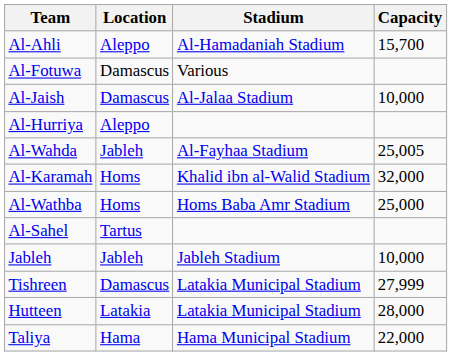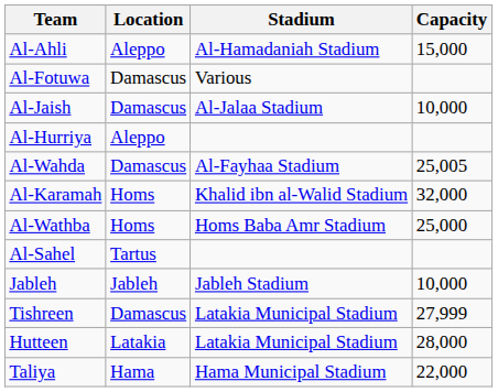 <table class="wikitable sortable" style="text-align:left;">
 <tr>
 <th>Team</th>
 <th>Location</th>
 <th>Stadium</th>
 <th>Capacity</th>
 </tr>
 <tr>
 <td><a href='#'>Al-Ahli</a></td>
 <td><a href='#'>Aleppo</a></td>
 <td><a href='#'>Al-Hamadaniah Stadium</a></td>
-<td>15,700</td>
+<td>15,000</td>
 </tr>
 <tr>
 <td><a href='#'>Al-Fotuwa</a></td>
 <td>Damascus</td>
 <td>Various</td>
 <td></td>
 </tr>
 <tr>
 <td><a href='#'>Al-Jaish</a></td>
 <td><a href='#'>Damascus</a></td>
 <td><a href='#'>Al-Jalaa Stadium</a></td>
 <td>10,000</td>
 </tr>
 <tr>
 <td><a href='#'>Al-Hurriya</a></td>
 <td><a href='#'>Aleppo</a></td>
 <td></td>
 <td></td>
 </tr>
 <tr>
 <td><a href='#'>Al-Wahda</a></td>
-<td><a href='#'>Jableh</a></td>
+<td><a href='#'>Damascus</a></td>
 <td><a href='#'>Al-Fayhaa  Stadium</a></td>
 <td>25,005</td>
 </tr>
 <tr>
 <td><a href='#'>Al-Karamah</a></td>
 <td><a href='#'>Homs</a></td>
 <td><a href='#'>Khalid ibn al-Walid Stadium</a></td>
 <td>32,000</td>
 </tr>
 <tr>
 <td><a href='#'>Al-Wathba</a></td>
 <td><a href='#'>Homs</a></td>
 <td><a href='#'>Homs Baba Amr Stadium</a></td>
 <td>25,000</td>
 </tr>
 <tr>
 <td><a href='#'>Al-Sahel</a></td>
 <td><a href='#'>Tartus</a></td>
 <td></td>
 <td></td>
 </tr>
 <tr>
 <td><a href='#'>Jableh</a></td>
 <td><a href='#'>Jableh</a></td>
 <td><a href='#'>Jableh Stadium</a></td>
 <td>10,000</td>
 </tr>
 <tr>
 <td><a href='#'>Tishreen</a></td>
 <td><a href='#'>Damascus</a></td>
 <td><a href='#'>Latakia Municipal Stadium</a></td>
 <td>27,999</td>
 </tr>
 <tr>
 <td><a href='#'>Hutteen</a></td>
 <td><a href='#'>Latakia</a></td>
 <td><a href='#'>Latakia Municipal Stadium</a></td>
 <td>28,000</td>
 </tr>
 <tr>
 <td><a href='#'>Taliya</a></td>
 <td><a href='#'>Hama</a></td>
 <td><a href='#'>Hama Municipal Stadium</a></td>
 <td>22,000</td>
 </tr>
 </table>
